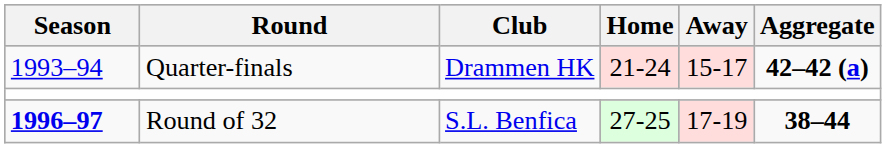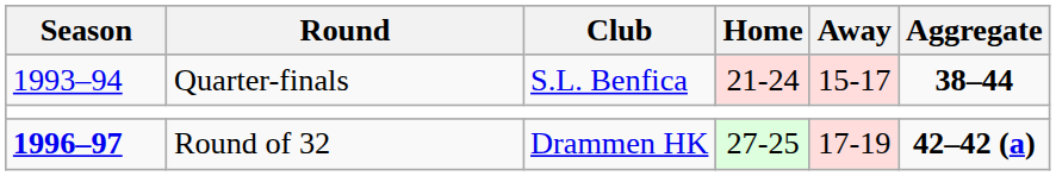 <table class="wikitable">
 <tr>
 <th width=75>Season</th>
 <th width=175>Round</th>
 <th>Club</th>
 <th>Home</th>
 <th>Away</th>
 <th>Aggregate</th>
 </tr>
 <tr>
 <td rowspan=1><a href='#'>1993–94</a></td>
 <td>Quarter-finals</td>
-<td> <a href='#'>Drammen HK</a></td>
+<td> <a href='#'>S.L. Benfica</a></td>
 <td style="text-align:center; background:#fdd;">21-24</td>
 <td style="text-align:center; background:#fdd;">15-17</td>
-<td style="text-align:center;"><strong>42–42 (<a href='#'>a</a>)</strong></td>
+<td style="text-align:center;"><strong>38–44</strong></td>
 </tr>
 <tr>
 <td colspan=7 style="text-align: center;" bgcolor=white></td>
 </tr>
 <tr>
 <td rowspan=1><strong><a href='#'>1996–97</a></strong></td>
 <td>Round of 32</td>
-<td> <a href='#'>S.L. Benfica</a></td>
+<td> <a href='#'>Drammen HK</a></td>
 <td style="text-align:center; background:#dfd;">27-25</td>
 <td style="text-align:center; background:#fdd;">17-19</td>
-<td style="text-align:center;"><strong>38–44</strong></td>
+<td style="text-align:center;"><strong>42–42 (<a href='#'>a</a>)</strong></td>
 </tr>
 </table>
